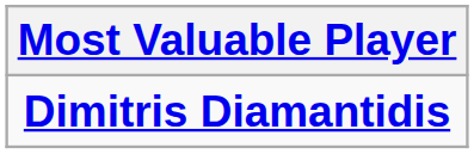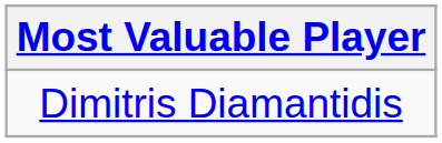 <table class=wikitable style="text-align:center; margin:auto">
 <tr>
 <th><a href='#'>Most Valuable Player</a></th>
 </tr>
 <tr>
-<td><strong> <a href='#'>Dimitris Diamantidis</a></strong></td>
+<td> <a href='#'>Dimitris Diamantidis</a></td>
 </tr>
 </table>
